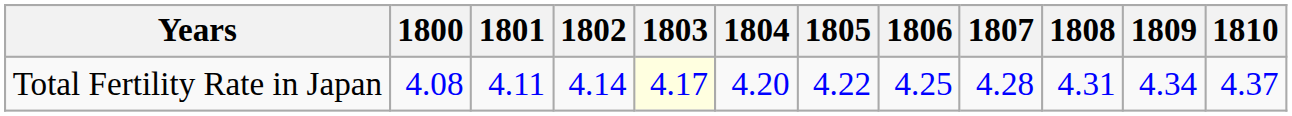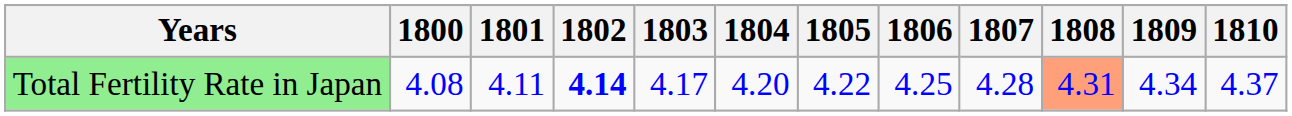 <table class="wikitable " style="text-align:right">
 <tr>
 <th>Years</th>
 <th>1800</th>
 <th>1801</th>
 <th>1802</th>
 <th>1803</th>
 <th>1804</th>
 <th>1805</th>
 <th>1806</th>
 <th>1807</th>
 <th>1808</th>
 <th>1809</th>
 <th>1810</th>
 </tr>
 <tr>
-<td align="left">Total Fertility Rate in Japan</td>
+<td align="left" style="background: lightgreen;">Total Fertility Rate in Japan</td>
 <td style="text-align:right; color:blue;">4.08</td>
 <td style="text-align:right; color:blue;">4.11</td>
-<td style="text-align:right; color:blue;">4.14</td>
-<td style="background: lightyellow; text-align:right; color:blue;">4.17</td>
+<td style="text-align:right; color:blue;"><strong>4.14</strong></td>
+<td style="text-align:right; color:blue;">4.17</td>
 <td style="text-align:right; color:blue;">4.20</td>
 <td style="text-align:right; color:blue;">4.22</td>
 <td style="text-align:right; color:blue;">4.25</td>
 <td style="text-align:right; color:blue;">4.28</td>
-<td style="text-align:right; color:blue;">4.31</td>
+<td style="background: lightsalmon; text-align:right; color:blue;">4.31</td>
 <td style="text-align:right; color:blue;">4.34</td>
 <td style="text-align:right; color:blue;">4.37</td>
 </tr>
 </table>
